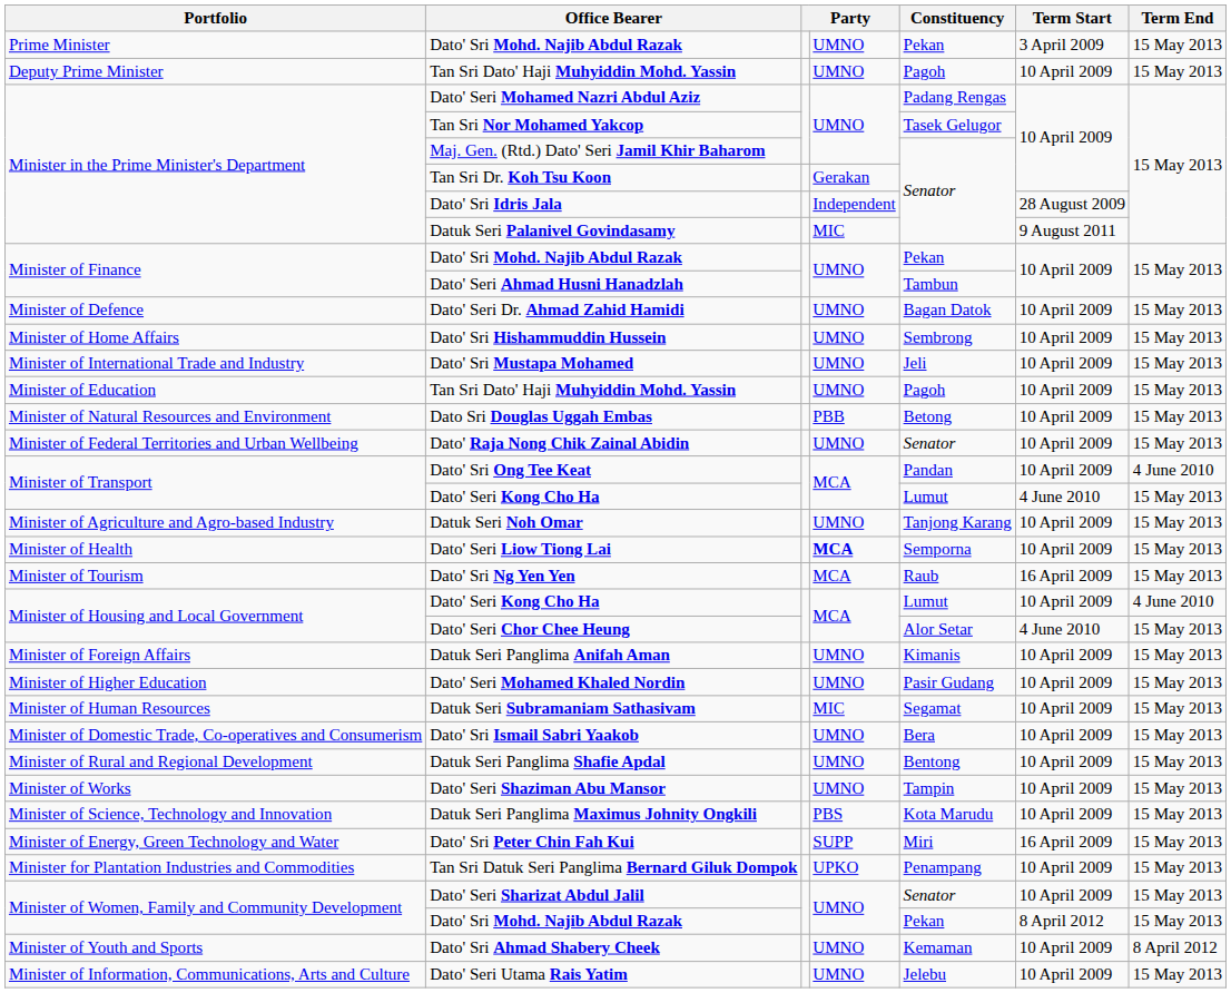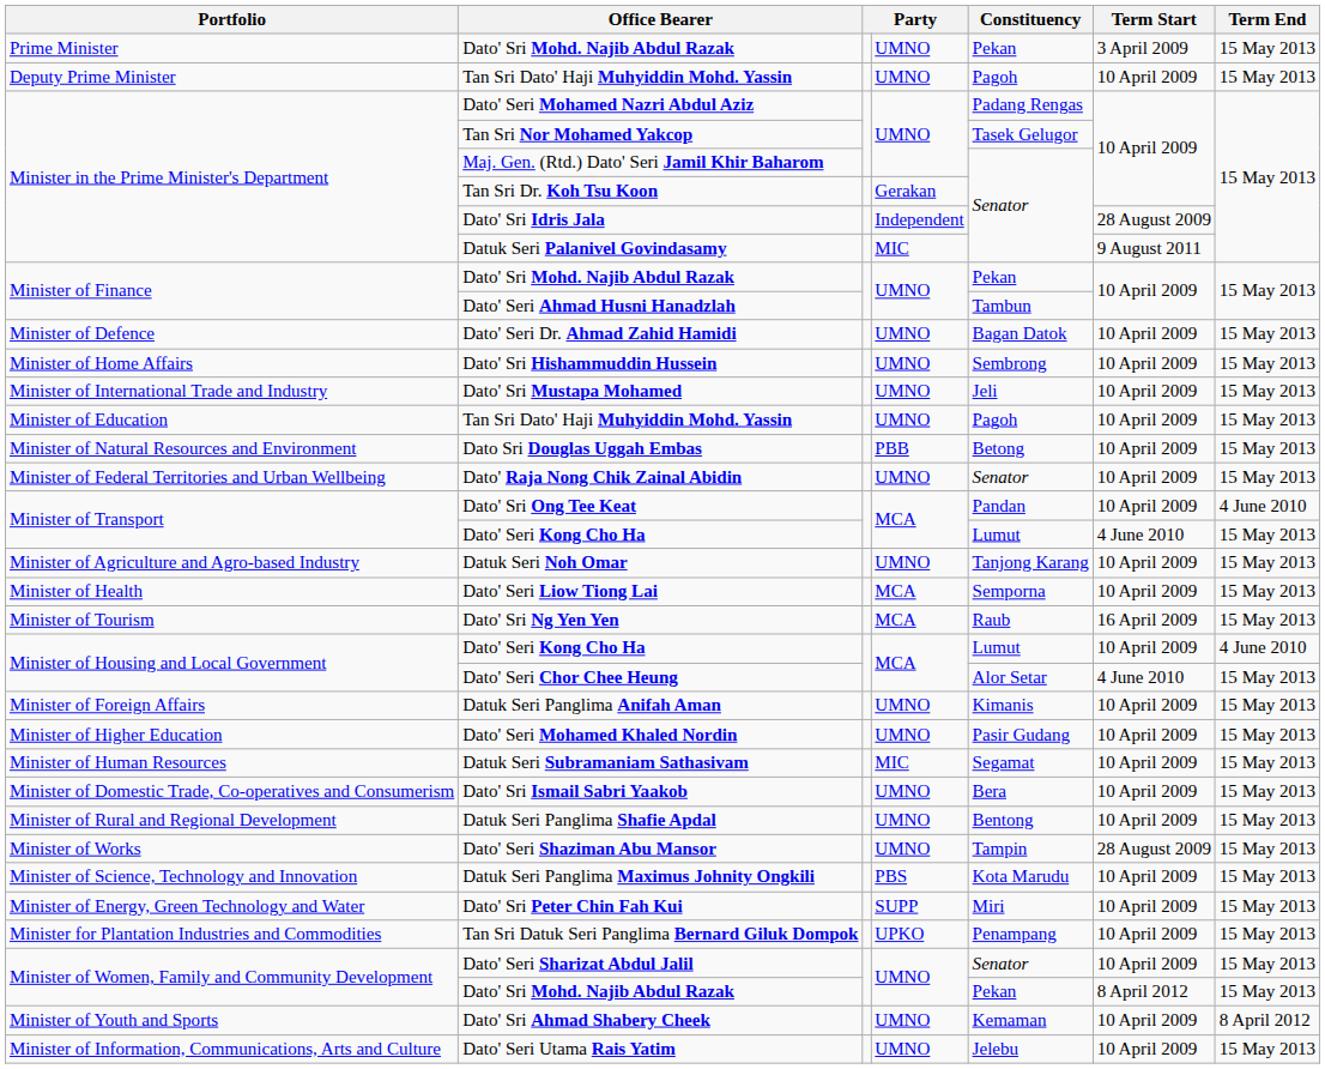 <table class="sortable wikitable">
 <tr>
 <th>Portfolio</th>
 <th>Office Bearer</th>
 <th colspan=2>Party</th>
 <th>Constituency</th>
 <th>Term Start</th>
 <th>Term End</th>
 </tr>
 <tr>
 <td><a href='#'>Prime Minister</a></td>
 <td>Dato' Sri <strong><a href='#'>Mohd. Najib Abdul Razak</a></strong> </td>
 <td></td>
 <td><a href='#'>UMNO</a></td>
 <td><a href='#'>Pekan</a></td>
 <td>3 April 2009</td>
 <td>15 May 2013</td>
 </tr>
 <tr>
 <td><a href='#'>Deputy Prime Minister</a></td>
 <td>Tan Sri Dato' Haji <strong><a href='#'>Muhyiddin Mohd. Yassin</a></strong> </td>
 <td></td>
 <td><a href='#'>UMNO</a></td>
 <td><a href='#'>Pagoh</a></td>
 <td>10 April 2009</td>
 <td>15 May 2013</td>
 </tr>
 <tr>
 <td rowspan=6><a href='#'>Minister in the Prime Minister's Department</a></td>
 <td>Dato' Seri <strong><a href='#'>Mohamed Nazri Abdul Aziz</a></strong> </td>
 <td rowspan=3></td>
 <td rowspan=3><a href='#'>UMNO</a></td>
 <td><a href='#'>Padang Rengas</a></td>
 <td rowspan=4>10 April 2009</td>
 <td rowspan=6>15 May 2013</td>
 </tr>
 <tr>
 <td>Tan Sri <strong><a href='#'>Nor Mohamed Yakcop</a></strong> </td>
 <td><a href='#'>Tasek Gelugor</a></td>
 </tr>
 <tr>
 <td><a href='#'>Maj. Gen.</a> (Rtd.) Dato' Seri <strong><a href='#'>Jamil Khir Baharom</a></strong></td>
 <td rowspan=4><em>Senator</em></td>
 </tr>
 <tr>
 <td>Tan Sri Dr. <strong><a href='#'>Koh Tsu Koon</a></strong></td>
 <td></td>
 <td><a href='#'>Gerakan</a></td>
 </tr>
 <tr>
 <td>Dato' Sri <strong><a href='#'>Idris Jala</a></strong></td>
 <td></td>
 <td><a href='#'>Independent</a></td>
 <td>28 August 2009</td>
 </tr>
 <tr>
 <td>Datuk Seri <strong><a href='#'>Palanivel Govindasamy</a></strong></td>
 <td></td>
 <td><a href='#'>MIC</a></td>
 <td>9 August 2011</td>
 </tr>
 <tr>
 <td rowspan=2><a href='#'>Minister of Finance</a></td>
 <td>Dato' Sri <strong><a href='#'>Mohd. Najib Abdul Razak</a></strong> </td>
 <td rowspan=2></td>
 <td rowspan=2><a href='#'>UMNO</a></td>
 <td><a href='#'>Pekan</a></td>
 <td rowspan=2>10 April 2009</td>
 <td rowspan=2>15 May 2013</td>
 </tr>
 <tr>
 <td>Dato' Seri <strong><a href='#'>Ahmad Husni Hanadzlah</a></strong> </td>
 <td><a href='#'>Tambun</a></td>
 </tr>
 <tr>
 <td><a href='#'>Minister of Defence</a></td>
 <td>Dato' Seri Dr. <strong><a href='#'>Ahmad Zahid Hamidi</a></strong> </td>
 <td></td>
 <td><a href='#'>UMNO</a></td>
 <td><a href='#'>Bagan Datok</a></td>
 <td>10 April 2009</td>
 <td>15 May 2013</td>
 </tr>
 <tr>
 <td><a href='#'>Minister of Home Affairs</a></td>
 <td>Dato' Sri <strong><a href='#'>Hishammuddin Hussein</a></strong> </td>
 <td></td>
 <td><a href='#'>UMNO</a></td>
 <td><a href='#'>Sembrong</a></td>
 <td>10 April 2009</td>
 <td>15 May 2013</td>
 </tr>
 <tr>
 <td><a href='#'>Minister of International Trade and Industry</a></td>
 <td>Dato' Sri <strong><a href='#'>Mustapa Mohamed</a></strong> </td>
 <td></td>
 <td><a href='#'>UMNO</a></td>
 <td><a href='#'>Jeli</a></td>
 <td>10 April 2009</td>
 <td>15 May 2013</td>
 </tr>
 <tr>
 <td><a href='#'>Minister of Education</a></td>
 <td>Tan Sri Dato' Haji <strong><a href='#'>Muhyiddin Mohd. Yassin</a></strong> </td>
 <td></td>
 <td><a href='#'>UMNO</a></td>
 <td><a href='#'>Pagoh</a></td>
 <td>10 April 2009</td>
 <td>15 May 2013</td>
 </tr>
 <tr>
 <td><a href='#'>Minister of Natural Resources and Environment</a></td>
 <td>Dato Sri <strong><a href='#'>Douglas Uggah Embas</a></strong> </td>
 <td></td>
 <td><a href='#'>PBB</a></td>
 <td><a href='#'>Betong</a></td>
 <td>10 April 2009</td>
 <td>15 May 2013</td>
 </tr>
 <tr>
 <td><a href='#'>Minister of Federal Territories and Urban Wellbeing</a></td>
 <td>Dato' <strong><a href='#'>Raja Nong Chik Zainal Abidin</a></strong></td>
 <td></td>
 <td><a href='#'>UMNO</a></td>
 <td><em>Senator</em></td>
 <td>10 April 2009</td>
 <td>15 May 2013</td>
 </tr>
 <tr>
 <td rowspan=2><a href='#'>Minister of Transport</a></td>
 <td>Dato' Sri <strong><a href='#'>Ong Tee Keat</a></strong> </td>
 <td rowspan=2></td>
 <td rowspan=2><a href='#'>MCA</a></td>
 <td><a href='#'>Pandan</a></td>
 <td>10 April 2009</td>
 <td>4 June 2010</td>
 </tr>
 <tr>
 <td>Dato' Seri <strong><a href='#'>Kong Cho Ha</a></strong> </td>
 <td><a href='#'>Lumut</a></td>
 <td>4 June 2010</td>
 <td>15 May 2013</td>
 </tr>
 <tr>
 <td><a href='#'>Minister of Agriculture and Agro-based Industry</a></td>
 <td>Datuk Seri <strong><a href='#'>Noh Omar</a></strong> </td>
 <td></td>
 <td><a href='#'>UMNO</a></td>
 <td><a href='#'>Tanjong Karang</a></td>
 <td>10 April 2009</td>
 <td>15 May 2013</td>
 </tr>
 <tr>
 <td><a href='#'>Minister of Health</a></td>
 <td>Dato' Seri <strong><a href='#'>Liow Tiong Lai</a></strong> </td>
 <td></td>
-<td><strong><a href='#'>MCA</a></strong></td>
+<td><a href='#'>MCA</a></td>
 <td><a href='#'>Semporna</a></td>
 <td>10 April 2009</td>
 <td>15 May 2013</td>
 </tr>
 <tr>
 <td><a href='#'>Minister of Tourism</a></td>
 <td>Dato' Sri <strong><a href='#'>Ng Yen Yen</a></strong> </td>
 <td></td>
 <td><a href='#'>MCA</a></td>
 <td><a href='#'>Raub</a></td>
 <td>16 April 2009</td>
 <td>15 May 2013</td>
 </tr>
 <tr>
 <td rowspan=2><a href='#'>Minister of Housing and Local Government</a></td>
 <td>Dato' Seri <strong><a href='#'>Kong Cho Ha</a></strong> </td>
 <td rowspan=2></td>
 <td rowspan=2><a href='#'>MCA</a></td>
 <td><a href='#'>Lumut</a></td>
 <td>10 April 2009</td>
 <td>4 June 2010</td>
 </tr>
 <tr>
 <td>Dato' Seri <strong><a href='#'>Chor Chee Heung</a></strong> </td>
 <td><a href='#'>Alor Setar</a></td>
 <td>4 June 2010</td>
 <td>15 May 2013</td>
 </tr>
 <tr>
 <td><a href='#'>Minister of Foreign Affairs</a></td>
 <td>Datuk Seri Panglima <strong><a href='#'>Anifah Aman</a></strong> </td>
 <td></td>
 <td><a href='#'>UMNO</a></td>
 <td><a href='#'>Kimanis</a></td>
 <td>10 April 2009</td>
 <td>15 May 2013</td>
 </tr>
 <tr>
 <td><a href='#'>Minister of Higher Education</a></td>
 <td>Dato' Seri <strong><a href='#'>Mohamed Khaled Nordin</a></strong> </td>
 <td></td>
 <td><a href='#'>UMNO</a></td>
 <td><a href='#'>Pasir Gudang</a></td>
 <td>10 April 2009</td>
 <td>15 May 2013</td>
 </tr>
 <tr>
 <td><a href='#'>Minister of Human Resources</a></td>
 <td>Datuk Seri <strong><a href='#'>Subramaniam Sathasivam</a></strong> </td>
 <td></td>
 <td><a href='#'>MIC</a></td>
 <td><a href='#'>Segamat</a></td>
 <td>10 April 2009</td>
 <td>15 May 2013</td>
 </tr>
 <tr>
 <td><a href='#'>Minister of Domestic Trade, Co-operatives and Consumerism</a></td>
 <td>Dato' Sri <strong><a href='#'>Ismail Sabri Yaakob</a></strong> </td>
 <td></td>
 <td><a href='#'>UMNO</a></td>
 <td><a href='#'>Bera</a></td>
 <td>10 April 2009</td>
 <td>15 May 2013</td>
 </tr>
 <tr>
 <td><a href='#'>Minister of Rural and Regional Development</a></td>
 <td>Datuk Seri Panglima <strong><a href='#'>Shafie Apdal</a></strong> </td>
 <td></td>
 <td><a href='#'>UMNO</a></td>
 <td><a href='#'>Bentong</a></td>
 <td>10 April 2009</td>
 <td>15 May 2013</td>
 </tr>
 <tr>
 <td><a href='#'>Minister of Works</a></td>
 <td>Dato' Seri <strong><a href='#'>Shaziman Abu Mansor</a></strong> </td>
 <td></td>
 <td><a href='#'>UMNO</a></td>
 <td><a href='#'>Tampin</a></td>
-<td>10 April 2009</td>
+<td>28 August 2009</td>
 <td>15 May 2013</td>
 </tr>
 <tr>
 <td><a href='#'>Minister of Science, Technology and Innovation</a></td>
 <td>Datuk Seri Panglima <strong><a href='#'>Maximus Johnity Ongkili</a></strong> </td>
 <td></td>
 <td><a href='#'>PBS</a></td>
 <td><a href='#'>Kota Marudu</a></td>
 <td>10 April 2009</td>
 <td>15 May 2013</td>
 </tr>
 <tr>
 <td><a href='#'>Minister of Energy, Green Technology and Water</a></td>
 <td>Dato' Sri <strong><a href='#'>Peter Chin Fah Kui</a></strong> </td>
 <td></td>
 <td><a href='#'>SUPP</a></td>
 <td><a href='#'>Miri</a></td>
-<td>16 April 2009</td>
+<td>10 April 2009</td>
 <td>15 May 2013</td>
 </tr>
 <tr>
 <td><a href='#'>Minister for Plantation Industries and Commodities</a></td>
 <td>Tan Sri Datuk Seri Panglima <strong><a href='#'>Bernard Giluk Dompok</a></strong> </td>
 <td></td>
 <td><a href='#'>UPKO</a></td>
 <td><a href='#'>Penampang</a></td>
 <td>10 April 2009</td>
 <td>15 May 2013</td>
 </tr>
 <tr>
 <td rowspan=2><a href='#'>Minister of Women, Family and Community Development</a></td>
 <td>Dato' Seri <strong><a href='#'>Sharizat Abdul Jalil</a></strong></td>
 <td rowspan=2></td>
 <td rowspan=2><a href='#'>UMNO</a></td>
 <td><em>Senator</em></td>
 <td>10 April 2009</td>
 <td>15 May 2013</td>
 </tr>
 <tr>
 <td>Dato' Sri <strong><a href='#'>Mohd. Najib Abdul Razak</a></strong> </td>
 <td><a href='#'>Pekan</a></td>
 <td>8 April 2012</td>
 <td>15 May 2013</td>
 </tr>
 <tr>
 <td><a href='#'>Minister of Youth and Sports</a></td>
 <td>Dato' Sri <strong><a href='#'>Ahmad Shabery Cheek</a></strong> </td>
 <td></td>
 <td><a href='#'>UMNO</a></td>
 <td><a href='#'>Kemaman</a></td>
 <td>10 April 2009</td>
 <td>8 April 2012</td>
 </tr>
 <tr>
 <td><a href='#'>Minister of Information, Communications, Arts and Culture</a></td>
 <td>Dato' Seri Utama <strong><a href='#'>Rais Yatim</a></strong> </td>
 <td></td>
 <td><a href='#'>UMNO</a></td>
 <td><a href='#'>Jelebu</a></td>
 <td>10 April 2009</td>
 <td>15 May 2013</td>
 </tr>
 </table>
